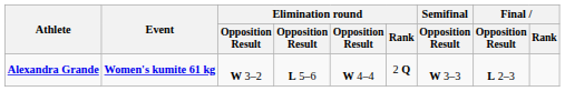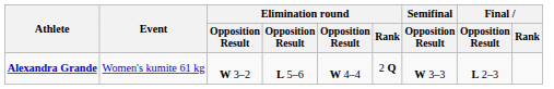 <table class=wikitable style=font-size:90%;text-align:center>
 <tr>
 <th rowspan=2>Athlete</th>
 <th rowspan=2>Event</th>
 <th colspan=4>Elimination round</th>
 <th>Semifinal</th>
 <th colspan=2>Final / </th>
 </tr>
 <tr style=font-size:95%>
 <th>Opposition<br>Result</th>
 <th>Opposition<br>Result</th>
 <th>Opposition<br>Result</th>
 <th>Rank</th>
 <th>Opposition<br>Result</th>
 <th>Opposition<br>Result</th>
 <th>Rank</th>
 </tr>
 <tr>
 <td align=left><strong><a href='#'>Alexandra Grande</a></strong></td>
-<td align=left><strong><a href='#'>Women's kumite 61 kg</a></strong></td>
+<td align=left><a href='#'>Women's kumite 61 kg</a></td>
 <td><br><strong>W</strong> 3–2</td>
 <td><br><strong>L</strong> 5–6</td>
 <td><br><strong>W</strong> 4–4</td>
 <td>2 <strong>Q</strong></td>
 <td><br><strong>W</strong> 3–3</td>
 <td><br><strong>L</strong> 2–3</td>
 <td></td>
 </tr>
 </table>
